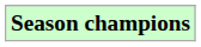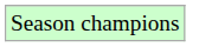 <table class="wikitable">
 <tr>
 </tr>
 <tr width=10px bgcolor="#ccffcc">
-<td><strong>Season champions</strong></td>
+<td>Season champions</td>
 </tr>
 </table>
